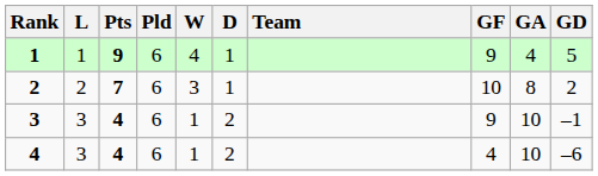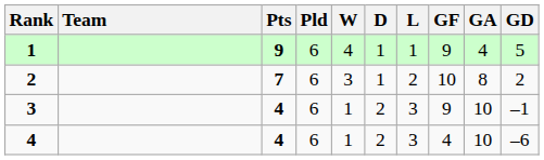 <table class="wikitable" style="text-align: center;">
 <tr>
 <th width=30>Rank</th>
-<th width=20>L</th>
+<th width=165 style="text-align:left;">Team</th>
 <th width=20>Pts</th>
 <th width=20>Pld</th>
 <th width=20>W</th>
 <th width=20>D</th>
-<th width=165 style="text-align:left;">Team</th>
+<th width=20>L</th>
 <th width=20>GF</th>
 <th width=20>GA</th>
 <th width=20>GD</th>
 </tr>
 <tr style="background:#ccffcc;">
 <td><strong>1</strong></td>
-<td>1</td>
+<td style="text-align:left;"></td>
 <td><strong>9</strong></td>
 <td>6</td>
 <td>4</td>
 <td>1</td>
-<td style="text-align:left;"></td>
+<td>1</td>
 <td>9</td>
 <td>4</td>
 <td>5</td>
 </tr>
 <tr>
 <td><strong>2</strong></td>
-<td>2</td>
+<td style="text-align:left;"></td>
 <td><strong>7</strong></td>
 <td>6</td>
 <td>3</td>
 <td>1</td>
-<td style="text-align:left;"></td>
+<td>2</td>
 <td>10</td>
 <td>8</td>
 <td>2</td>
 </tr>
 <tr>
 <td><strong>3</strong></td>
-<td>3</td>
+<td style="text-align:left;"></td>
 <td><strong>4</strong></td>
 <td>6</td>
 <td>1</td>
 <td>2</td>
-<td style="text-align:left;"></td>
+<td>3</td>
 <td>9</td>
 <td>10</td>
 <td>–1</td>
 </tr>
 <tr>
 <td><strong>4</strong></td>
-<td>3</td>
+<td style="text-align:left;"></td>
 <td><strong>4</strong></td>
 <td>6</td>
 <td>1</td>
 <td>2</td>
-<td style="text-align:left;"></td>
+<td>3</td>
 <td>4</td>
 <td>10</td>
 <td>–6</td>
 </tr>
 </table>
